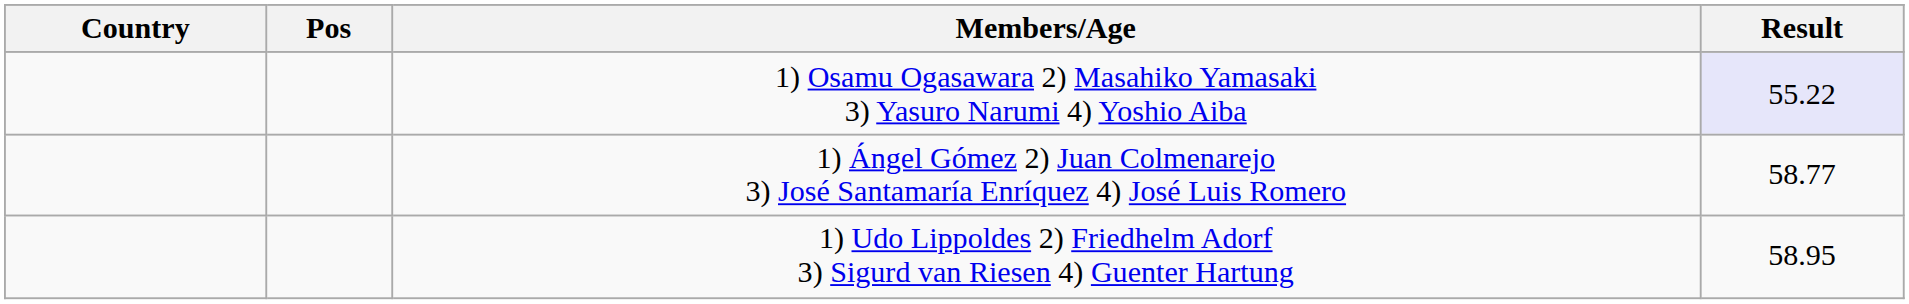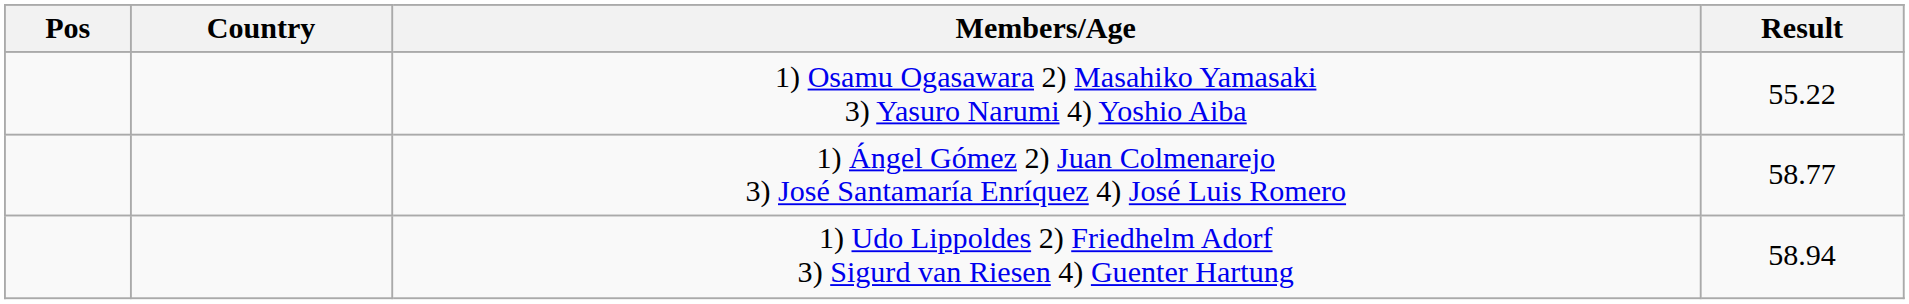 <table class="wikitable"  style="text-align:center; width:80%;">
 <tr>
+<th>Pos</th>
 <th>Country</th>
-<th>Pos</th>
 <th>Members/Age</th>
 <th>Result</th>
 </tr>
 <tr>
+<td align=center></td>
 <td align=left></td>
-<td align=center></td>
 <td>1) <a href='#'>Osamu Ogasawara</a> 2) <a href='#'>Masahiko Yamasaki</a><br>3) <a href='#'>Yasuro Narumi</a> 4) <a href='#'>Yoshio Aiba</a></td>
-<td style="background: lavender;">55.22</td>
+<td>55.22</td>
 </tr>
 <tr>
+<td align=center></td>
 <td align=left></td>
-<td align=center></td>
 <td>1) <a href='#'>Ángel Gómez</a> 2) <a href='#'>Juan Colmenarejo</a><br>3) <a href='#'>José Santamaría Enríquez</a> 4) <a href='#'>José Luis Romero</a></td>
 <td>58.77</td>
 </tr>
 <tr>
+<td align=center></td>
 <td align=left></td>
-<td align=center></td>
 <td>1) <a href='#'>Udo Lippoldes</a> 2) <a href='#'>Friedhelm Adorf</a><br>3) <a href='#'>Sigurd van Riesen</a> 4) <a href='#'>Guenter Hartung</a></td>
-<td>58.95</td>
+<td>58.94</td>
 </tr>
 </table>
